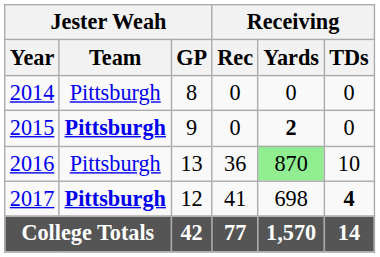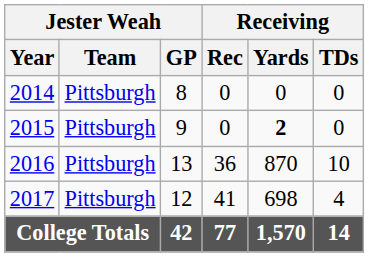 <table class="wikitable" style="text-align:center;">
 <tr>
 <th colspan=3>Jester Weah</th>
 <th colspan=3>Receiving</th>
 </tr>
 <tr>
 <th>Year</th>
 <th>Team</th>
 <th>GP</th>
 <th>Rec</th>
 <th>Yards</th>
 <th>TDs</th>
 </tr>
 <tr>
 <td><a href='#'>2014</a></td>
 <td><a href='#'>Pittsburgh</a></td>
 <td>8</td>
 <td>0</td>
 <td>0</td>
 <td>0</td>
 </tr>
 <tr>
 <td><a href='#'>2015</a></td>
-<td><strong><a href='#'>Pittsburgh</a></strong></td>
+<td><a href='#'>Pittsburgh</a></td>
 <td>9</td>
 <td>0</td>
 <td><strong>2</strong></td>
 <td>0</td>
 </tr>
 <tr>
 <td><a href='#'>2016</a></td>
 <td><a href='#'>Pittsburgh</a></td>
 <td>13</td>
 <td>36</td>
-<td style="background: lightgreen;">870</td>
+<td>870</td>
 <td>10</td>
 </tr>
 <tr>
 <td><a href='#'>2017</a></td>
-<td><strong><a href='#'>Pittsburgh</a></strong></td>
+<td><a href='#'>Pittsburgh</a></td>
 <td>12</td>
 <td>41</td>
 <td>698</td>
-<td><strong>4</strong></td>
+<td>4</td>
 </tr>
 <tr style="background:#555; font-weight:bold; color:white;">
 <td colspan=2>College Totals</td>
 <td>42</td>
 <td>77</td>
 <td>1,570</td>
 <td>14</td>
 </tr>
 </table>
